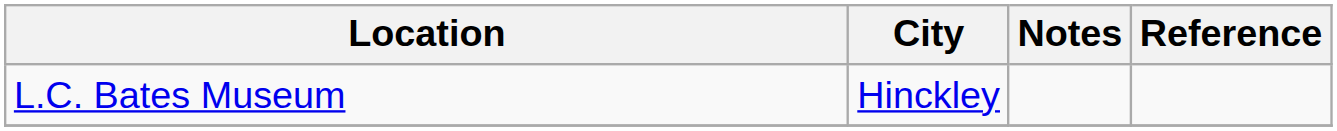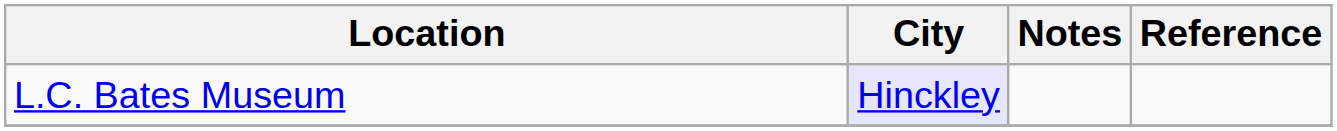 <table class="wikitable">
 <tr>
 <th Width="350">Location</th>
 <th>City</th>
 <th>Notes</th>
 <th>Reference</th>
 </tr>
 <tr>
 <td><a href='#'>L.C. Bates Museum</a></td>
-<td><a href='#'>Hinckley</a></td>
+<td style="background: lavender;"><a href='#'>Hinckley</a></td>
 <td></td>
 <td></td>
 </tr>
 <tr>
 </tr>
 </table>
